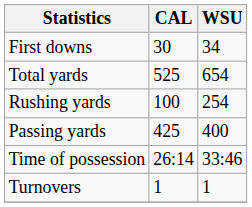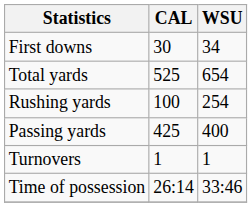 <table class="wikitable">
 <tr>
 <th>Statistics</th>
 <th>CAL</th>
 <th>WSU</th>
 </tr>
 <tr>
 <td>First downs</td>
 <td>30</td>
 <td>34</td>
 </tr>
 <tr>
 <td>Total yards</td>
 <td>525</td>
 <td>654</td>
 </tr>
 <tr>
 <td>Rushing yards</td>
 <td>100</td>
 <td>254</td>
 </tr>
 <tr>
 <td>Passing yards</td>
 <td>425</td>
 <td>400</td>
 </tr>
 <tr>
+<td>Turnovers</td>
+<td>1</td>
+<td>1</td>
+</tr>
+<tr>
 <td>Time of possession</td>
 <td>26:14</td>
 <td>33:46</td>
 </tr>
 <tr>
-<td>Turnovers</td>
-<td>1</td>
-<td>1</td>
-</tr>
-<tr>
 </tr>
 </table>
